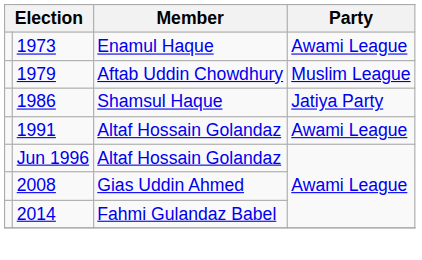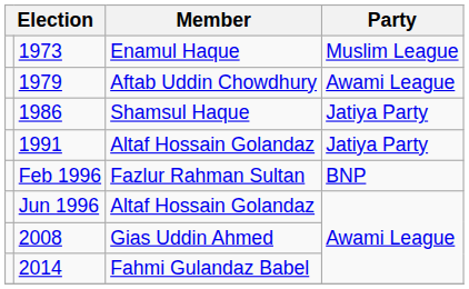 <table class="wikitable">
 <tr>
 <th colspan="2">Election</th>
 <th>Member</th>
 <th>Party</th>
 </tr>
 <tr>
 <td style="background-color:"></td>
 <td><a href='#'>1973</a></td>
 <td><a href='#'>Enamul Haque</a></td>
-<td><a href='#'>Awami League</a></td>
+<td><a href='#'>Muslim League</a></td>
 </tr>
 <tr>
 <td style="background-color:"></td>
 <td><a href='#'>1979</a></td>
 <td><a href='#'>Aftab Uddin Chowdhury</a></td>
-<td><a href='#'>Muslim League</a></td>
+<td><a href='#'>Awami League</a></td>
 </tr>
 <tr>
 <td style="background-color:"></td>
 <td><a href='#'>1986</a></td>
 <td><a href='#'>Shamsul Haque</a></td>
 <td><a href='#'>Jatiya Party</a></td>
 </tr>
 <tr>
 <td style="background-color:"></td>
 <td><a href='#'>1991</a></td>
 <td><a href='#'>Altaf Hossain Golandaz</a></td>
-<td><a href='#'>Awami League</a></td>
+<td><a href='#'>Jatiya Party</a></td>
+</tr>
+<tr>
+<td style="background-color:"></td>
+<td><a href='#'>Feb 1996</a></td>
+<td><a href='#'>Fazlur Rahman Sultan</a></td>
+<td><a href='#'>BNP</a></td>
 </tr>
 <tr>
 <td style="background-color:"></td>
 <td><a href='#'>Jun 1996</a></td>
 <td><a href='#'>Altaf Hossain Golandaz</a></td>
 <td rowspan="3"><a href='#'>Awami League</a></td>
 </tr>
 <tr>
 <td style="background-color:"></td>
 <td><a href='#'>2008</a></td>
 <td><a href='#'>Gias Uddin Ahmed</a></td>
 </tr>
 <tr>
 <td style="background-color:"></td>
 <td><a href='#'>2014</a></td>
 <td><a href='#'>Fahmi Gulandaz Babel</a></td>
 </tr>
 <tr>
 </tr>
 </table>
